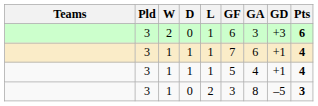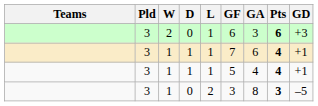 <table class="wikitable" style="text-align: center;">
 <tr>
 <th width=165>Teams</th>
 <th width=20>Pld</th>
 <th width=20>W</th>
 <th width=20>D</th>
 <th width=20>L</th>
 <th width=20>GF</th>
 <th width=20>GA</th>
+<th width=20>Pts</th>
 <th width=20>GD</th>
-<th width=20>Pts</th>
 </tr>
 <tr align=center style="background:#ccffcc;">
 <td style="text-align:left;"></td>
 <td>3</td>
 <td>2</td>
 <td>0</td>
 <td>1</td>
 <td>6</td>
 <td>3</td>
+<td><strong>6</strong></td>
 <td>+3</td>
-<td><strong>6</strong></td>
 </tr>
 <tr align=center style="background:#faecc8;">
 <td style="text-align:left;"></td>
 <td>3</td>
 <td>1</td>
 <td>1</td>
 <td>1</td>
 <td>7</td>
 <td>6</td>
+<td><strong>4</strong></td>
 <td>+1</td>
-<td><strong>4</strong></td>
 </tr>
 <tr align=center>
 <td style="text-align:left;"></td>
 <td>3</td>
 <td>1</td>
 <td>1</td>
 <td>1</td>
 <td>5</td>
 <td>4</td>
+<td><strong>4</strong></td>
 <td>+1</td>
-<td><strong>4</strong></td>
 </tr>
 <tr align=center>
 <td style="text-align:left;"></td>
 <td>3</td>
 <td>1</td>
 <td>0</td>
 <td>2</td>
 <td>3</td>
 <td>8</td>
+<td><strong>3</strong></td>
 <td>–5</td>
-<td><strong>3</strong></td>
 </tr>
 </table>
